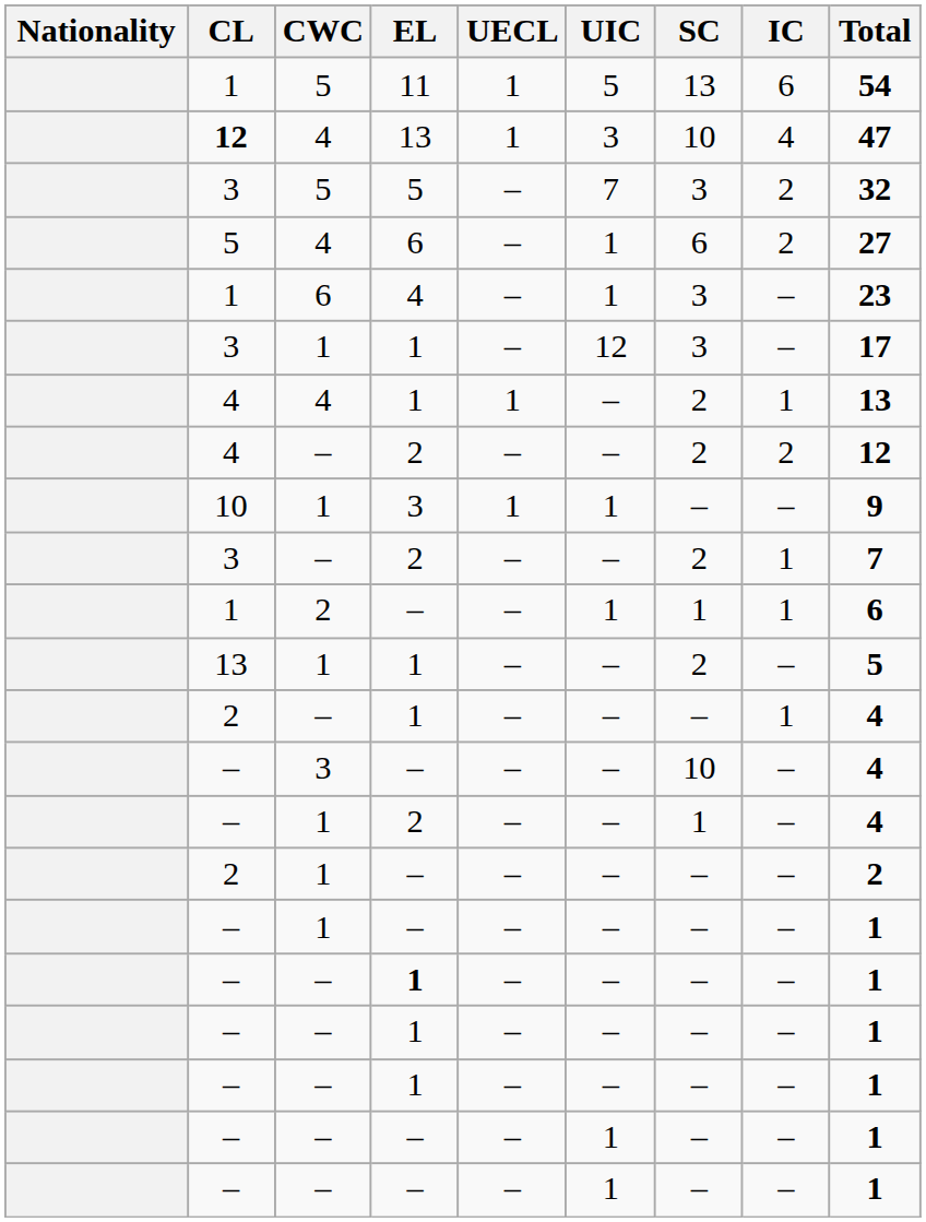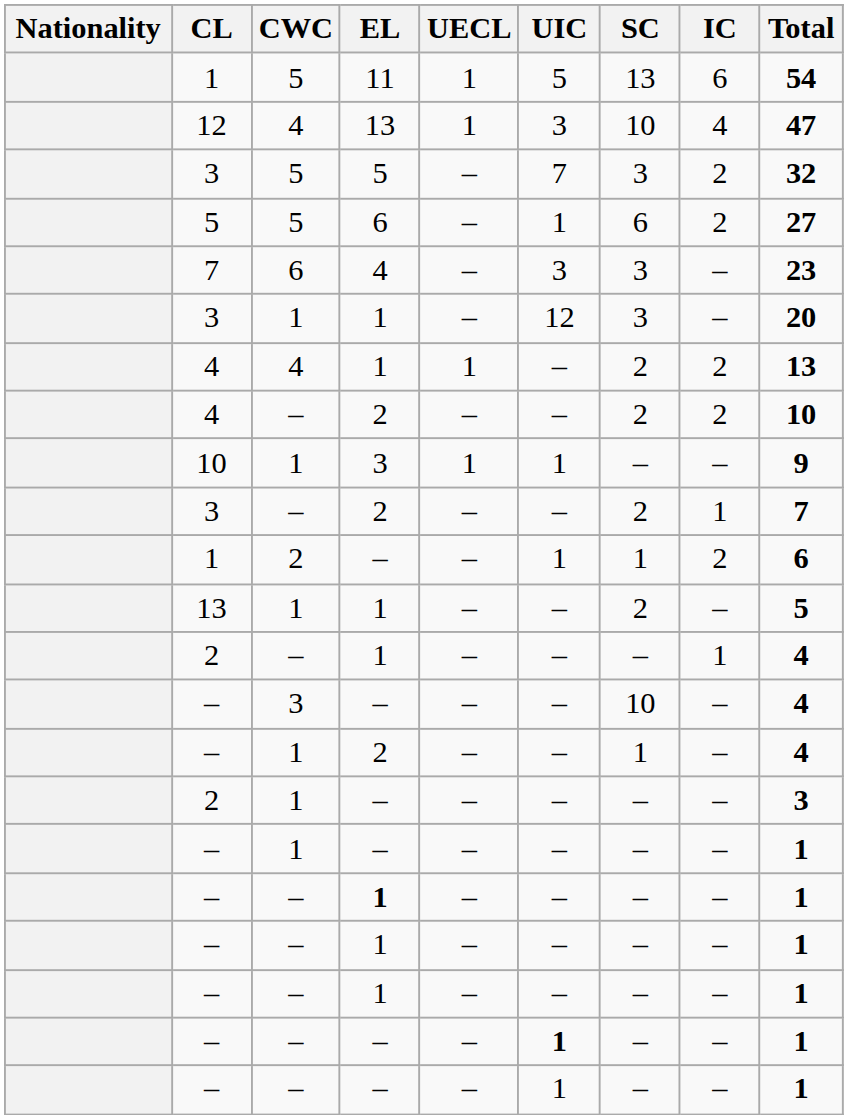 <table class="sortable wikitable plainrowheaders"  width=50%>
 <tr bgcolor="#efefef">
 <th scope=col width= 20%>Nationality</th>
 <th scope=col width= 10%>CL</th>
 <th scope=col width= 10%>CWC</th>
 <th scope=col width= 10%>EL</th>
 <th scope=col width= 10%>UECL</th>
 <th scope=col width= 10%>UIC</th>
 <th scope=col width= 10%>SC</th>
 <th scope=col width= 10%>IC</th>
 <th scope=col width= 10%>Total</th>
 </tr>
 <tr>
 <th scope=row></th>
 <td align=center>1</td>
 <td align=center>5</td>
 <td align=center>11</td>
 <td align=center>1</td>
 <td align=center>5</td>
 <td align=center>13</td>
 <td align=center>6</td>
 <td align=center><strong>54</strong></td>
 </tr>
 <tr>
 <th scope=row></th>
-<td align=center><strong>12</strong></td>
+<td align=center>12</td>
 <td align=center>4</td>
 <td align=center>13</td>
 <td align=center>1</td>
 <td align=center>3</td>
 <td align=center>10</td>
 <td align=center>4</td>
 <td align=center><strong>47</strong></td>
 </tr>
 <tr>
 <th scope=row></th>
 <td align=center>3</td>
 <td align=center>5</td>
 <td align=center>5</td>
 <td align=center>–</td>
 <td align=center>7</td>
 <td align=center>3</td>
 <td align=center>2</td>
 <td align=center><strong>32</strong></td>
 </tr>
 <tr>
 <th scope=row></th>
 <td align=center>5</td>
-<td align=center>4</td>
+<td align=center>5</td>
 <td align=center>6</td>
 <td align=center>–</td>
 <td align=center>1</td>
 <td align=center>6</td>
 <td align=center>2</td>
 <td align=center><strong>27</strong></td>
 </tr>
 <tr>
 <th scope=row></th>
-<td align=center>1</td>
+<td align=center>7</td>
 <td align=center>6</td>
 <td align=center>4</td>
 <td align=center>–</td>
-<td align=center>1</td>
+<td align=center>3</td>
 <td align=center>3</td>
 <td align=center>–</td>
 <td align=center><strong>23</strong></td>
 </tr>
 <tr>
 <th scope=row></th>
 <td align=center>3</td>
 <td align=center>1</td>
 <td align=center>1</td>
 <td align=center>–</td>
 <td align=center>12</td>
 <td align=center>3</td>
 <td align=center>–</td>
-<td align=center><strong>17</strong></td>
+<td align=center><strong>20</strong></td>
 </tr>
 <tr>
 <th scope=row></th>
 <td align=center>4</td>
 <td align=center>4</td>
 <td align=center>1</td>
 <td align=center>1</td>
 <td align=center>–</td>
 <td align=center>2</td>
-<td align=center>1</td>
+<td align=center>2</td>
 <td align=center><strong>13</strong></td>
 </tr>
 <tr>
 <th scope=row></th>
 <td align=center>4</td>
 <td align=center>–</td>
 <td align=center>2</td>
 <td align=center>–</td>
 <td align=center>–</td>
 <td align=center>2</td>
 <td align=center>2</td>
-<td align=center><strong>12</strong></td>
+<td align=center><strong>10</strong></td>
 </tr>
 <tr>
 <th scope=row></th>
 <td align=center>10</td>
 <td align=center>1</td>
 <td align=center>3</td>
 <td align=center>1</td>
 <td align=center>1</td>
 <td align=center>–</td>
 <td align=center>–</td>
 <td align=center><strong>9</strong></td>
 </tr>
 <tr>
 <th scope=row></th>
 <td align=center>3</td>
 <td align=center>–</td>
 <td align=center>2</td>
 <td align=center>–</td>
 <td align=center>–</td>
 <td align=center>2</td>
 <td align=center>1</td>
 <td align=center><strong>7</strong></td>
 </tr>
 <tr>
 <th scope=row></th>
 <td align=center>1</td>
 <td align=center>2</td>
 <td align=center>–</td>
 <td align=center>–</td>
 <td align=center>1</td>
 <td align=center>1</td>
-<td align=center>1</td>
+<td align=center>2</td>
 <td align=center><strong>6</strong></td>
 </tr>
 <tr>
 <th scope=row></th>
 <td align=center>13</td>
 <td align=center>1</td>
 <td align=center>1</td>
 <td align=center>–</td>
 <td align=center>–</td>
 <td align=center>2</td>
 <td align=center>–</td>
 <td align=center><strong>5</strong></td>
 </tr>
 <tr>
 <th scope=row></th>
 <td align=center>2</td>
 <td align=center>–</td>
 <td align=center>1</td>
 <td align=center>–</td>
 <td align=center>–</td>
 <td align=center>–</td>
 <td align=center>1</td>
 <td align=center><strong>4</strong></td>
 </tr>
 <tr>
 <th scope=row></th>
 <td align=center>–</td>
 <td align=center>3</td>
 <td align=center>–</td>
 <td align=center>–</td>
 <td align=center>–</td>
 <td align=center>10</td>
 <td align=center>–</td>
 <td align=center><strong>4</strong></td>
 </tr>
 <tr>
 <th scope=row></th>
 <td align=center>–</td>
 <td align=center>1</td>
 <td align=center>2</td>
 <td align=center>–</td>
 <td align=center>–</td>
 <td align=center>1</td>
 <td align=center>–</td>
 <td align=center><strong>4</strong></td>
 </tr>
 <tr>
 <th scope=row></th>
 <td align=center>2</td>
 <td align=center>1</td>
 <td align=center>–</td>
 <td align=center>–</td>
 <td align=center>–</td>
 <td align=center>–</td>
 <td align=center>–</td>
-<td align=center><strong>2</strong></td>
+<td align=center><strong>3</strong></td>
 </tr>
 <tr>
 <th scope=row></th>
 <td align=center>–</td>
 <td align=center>1</td>
 <td align=center>–</td>
 <td align=center>–</td>
 <td align=center>–</td>
 <td align=center>–</td>
 <td align=center>–</td>
 <td align=center><strong>1</strong></td>
 </tr>
 <tr>
 <th scope=row></th>
 <td align=center>–</td>
 <td align=center>–</td>
 <td align=center><strong>1</strong></td>
 <td align=center>–</td>
 <td align=center>–</td>
 <td align=center>–</td>
 <td align=center>–</td>
 <td align=center><strong>1</strong></td>
 </tr>
 <tr>
 <th scope=row></th>
 <td align=center>–</td>
 <td align=center>–</td>
 <td align=center>1</td>
 <td align=center>–</td>
 <td align=center>–</td>
 <td align=center>–</td>
 <td align=center>–</td>
 <td align=center><strong>1</strong></td>
 </tr>
 <tr>
 <th scope=row></th>
 <td align=center>–</td>
 <td align=center>–</td>
 <td align=center>1</td>
 <td align=center>–</td>
 <td align=center>–</td>
 <td align=center>–</td>
 <td align=center>–</td>
 <td align=center><strong>1</strong></td>
 </tr>
 <tr>
 <th scope=row></th>
 <td align=center>–</td>
 <td align=center>–</td>
 <td align=center>–</td>
 <td align=center>–</td>
-<td align=center>1</td>
+<td align=center><strong>1</strong></td>
 <td align=center>–</td>
 <td align=center>–</td>
 <td align=center><strong>1</strong></td>
 </tr>
 <tr>
 <th scope=row></th>
 <td align=center>–</td>
 <td align=center>–</td>
 <td align=center>–</td>
 <td align=center>–</td>
 <td align=center>1</td>
 <td align=center>–</td>
 <td align=center>–</td>
 <td align=center><strong>1</strong></td>
 </tr>
 </table>
